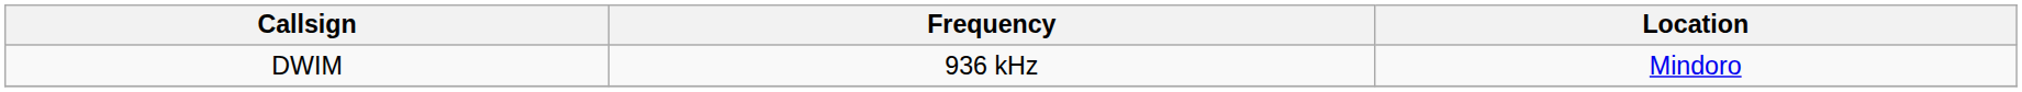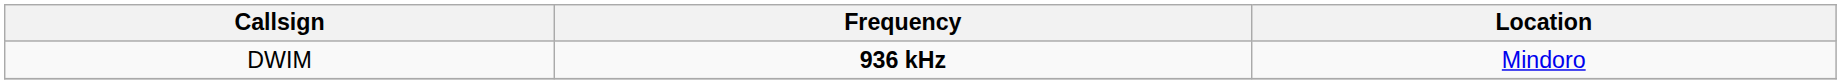 <table class="wikitable" style="width:100%; text-align:center;">
 <tr>
 <th>Callsign</th>
 <th>Frequency</th>
 <th>Location</th>
 </tr>
 <tr>
 <td>DWIM</td>
-<td>936 kHz</td>
+<td><strong>936 kHz</strong></td>
 <td><a href='#'>Mindoro</a></td>
 </tr>
 <tr>
 </tr>
 </table>
